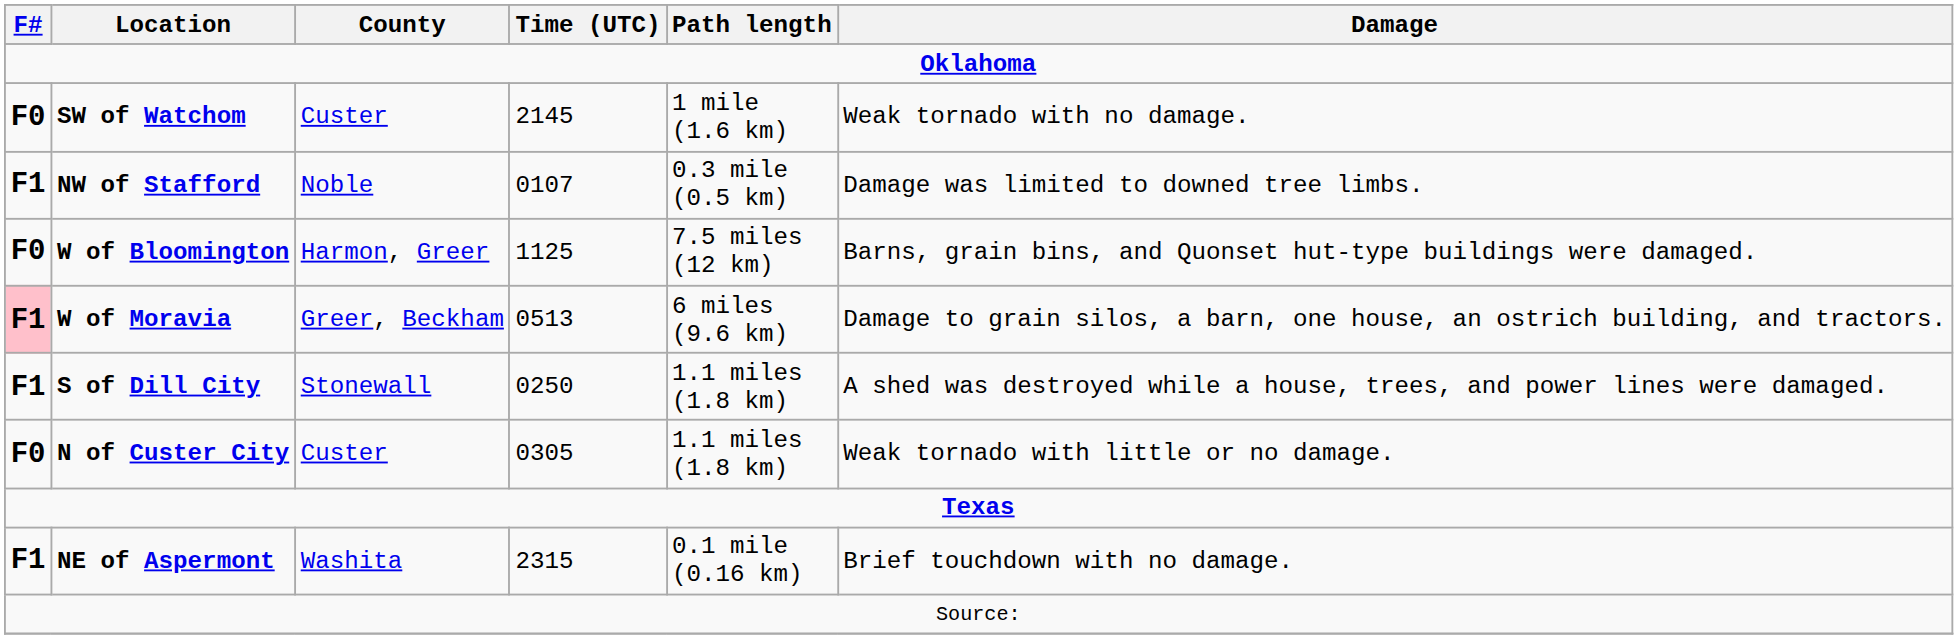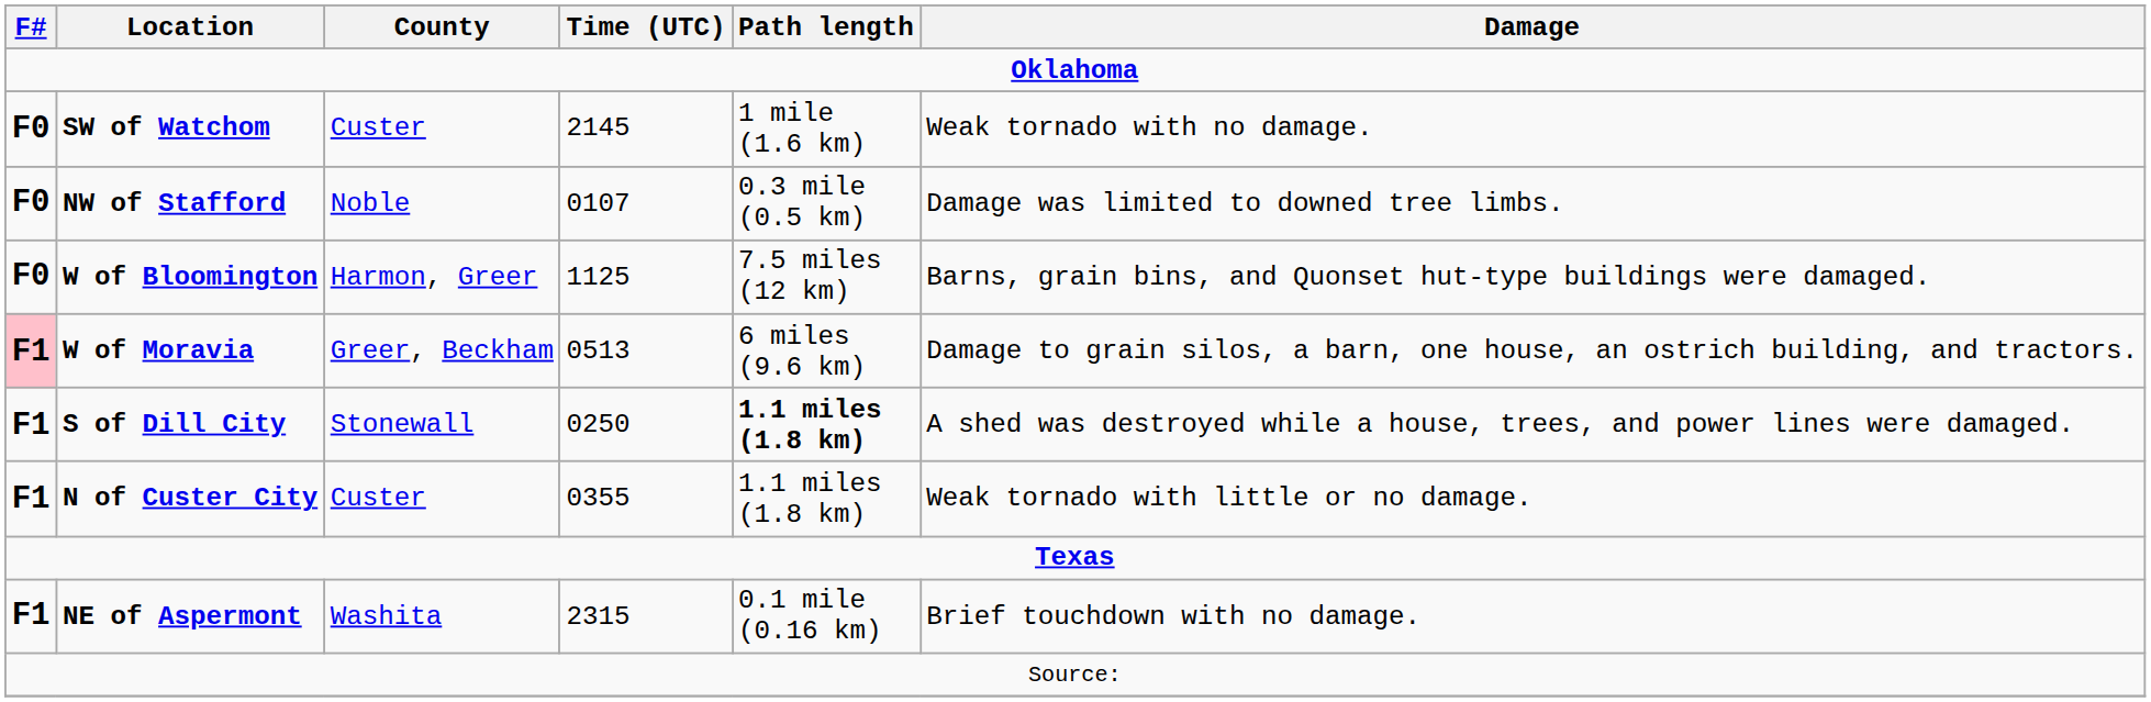 <table class="wikitable">
 <tr>
 <th><strong><a href='#'>F#</a></strong></th>
 <th><strong>Location</strong></th>
 <th><strong>County</strong></th>
 <th><strong>Time (UTC)</strong></th>
 <th><strong>Path length</strong></th>
 <th><strong>Damage</strong></th>
 </tr>
 <tr>
 <td colspan="7" align=center><strong><a href='#'>Oklahoma</a></strong></td>
 </tr>
 <tr>
 <td><big><strong>F0</strong></big></td>
 <td><strong>SW of <a href='#'>Watchom</a></strong></td>
 <td><a href='#'>Custer</a></td>
 <td>2145</td>
 <td>1 mile<br>(1.6 km)</td>
 <td>Weak tornado with no damage.</td>
 </tr>
 <tr>
-<td><big><strong>F1</strong></big></td>
+<td><big><strong>F0</strong></big></td>
 <td><strong>NW of <a href='#'>Stafford</a></strong></td>
 <td><a href='#'>Noble</a></td>
 <td>0107</td>
 <td>0.3 mile<br>(0.5 km)</td>
 <td>Damage was limited to downed tree limbs.</td>
 </tr>
 <tr>
 <td><big><strong>F0</strong></big></td>
 <td><strong>W of <a href='#'>Bloomington</a></strong></td>
 <td><a href='#'>Harmon</a>, <a href='#'>Greer</a></td>
 <td>1125</td>
 <td>7.5 miles<br>(12 km)</td>
 <td>Barns, grain bins, and Quonset hut-type buildings were damaged.</td>
 </tr>
 <tr>
 <td style="background: pink;"><big><strong>F1</strong></big></td>
 <td><strong>W of <a href='#'>Moravia</a></strong></td>
 <td><a href='#'>Greer</a>, <a href='#'>Beckham</a></td>
 <td>0513</td>
 <td>6 miles<br>(9.6 km)</td>
 <td>Damage to grain silos, a barn, one house, an ostrich building, and tractors.</td>
 </tr>
 <tr>
 <td><big><strong>F1</strong></big></td>
 <td><strong>S of <a href='#'>Dill City</a></strong></td>
 <td><a href='#'>Stonewall</a></td>
 <td>0250</td>
-<td>1.1 miles<br>(1.8 km)</td>
+<td><strong>1.1 miles<br>(1.8 km)</strong></td>
 <td>A shed was destroyed while a house, trees, and power lines were damaged.</td>
 </tr>
 <tr>
-<td><big><strong>F0</strong></big></td>
+<td><big><strong>F1</strong></big></td>
 <td><strong>N of <a href='#'>Custer City</a></strong></td>
 <td><a href='#'>Custer</a></td>
-<td>0305</td>
+<td>0355</td>
 <td>1.1 miles<br>(1.8 km)</td>
 <td>Weak tornado with little or no damage.</td>
 </tr>
 <tr>
 <td colspan="7" align=center><strong><a href='#'>Texas</a></strong></td>
 </tr>
 <tr>
 <td><big><strong>F1</strong></big></td>
 <td><strong>NE of <a href='#'>Aspermont</a></strong></td>
 <td><a href='#'>Washita</a></td>
 <td>2315</td>
 <td>0.1 mile<br>(0.16 km)</td>
 <td>Brief touchdown with no damage.</td>
 </tr>
 <tr>
 <td colspan="7" align=center><small>Source: </small></td>
 </tr>
 <tr>
 </tr>
 </table>
